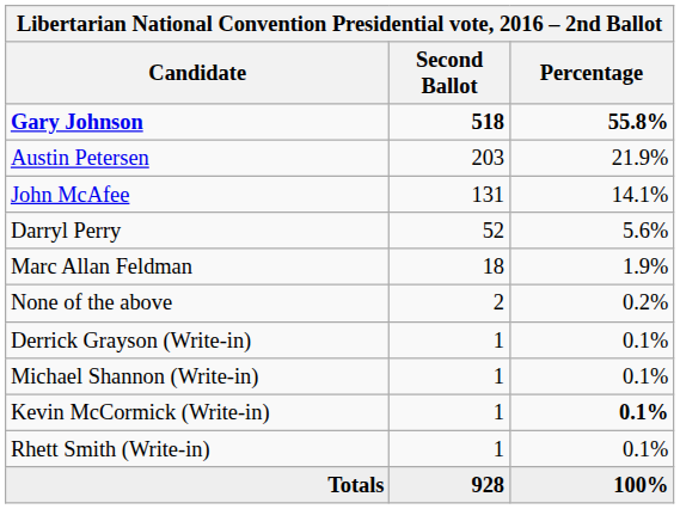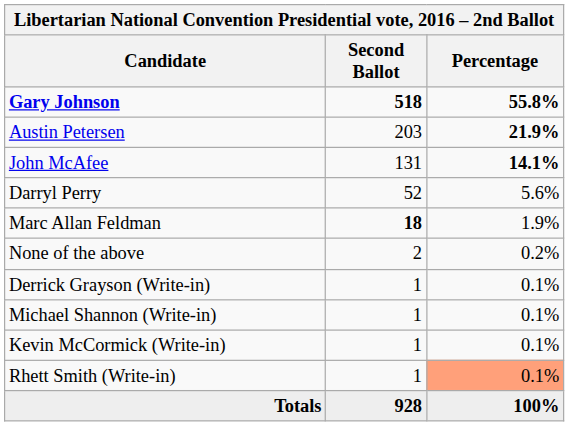 <table class="wikitable" style="font-size:95%;">
 <tr>
 <th colspan="3">Libertarian National Convention Presidential vote, 2016 – 2nd Ballot</th>
 </tr>
 <tr>
 <th style="width: 17em">Candidate</th>
 <th style="width: 5em">Second Ballot</th>
 <th style="width: 7em">Percentage</th>
 </tr>
 <tr>
 <td><strong><a href='#'>Gary Johnson</a></strong></td>
 <td style="text-align:right;"><strong>518</strong></td>
 <td style="text-align:right;"><strong>55.8%</strong></td>
 </tr>
 <tr>
 <td><a href='#'>Austin Petersen</a></td>
 <td style="text-align:right;">203</td>
-<td style="text-align:right;">21.9%</td>
+<td style="text-align:right;"><strong>21.9%</strong></td>
 </tr>
 <tr>
 <td><a href='#'>John McAfee</a></td>
 <td style="text-align:right;">131</td>
-<td style="text-align:right;">14.1%</td>
+<td style="text-align:right;"><strong>14.1%</strong></td>
 </tr>
 <tr>
 <td>Darryl Perry</td>
 <td style="text-align:right;">52</td>
 <td style="text-align:right;">5.6%</td>
 </tr>
 <tr>
 <td>Marc Allan Feldman</td>
-<td style="text-align:right;">18</td>
+<td style="text-align:right;"><strong>18</strong></td>
 <td style="text-align:right;">1.9%</td>
 </tr>
 <tr>
 <td>None of the above</td>
 <td style="text-align:right;">2</td>
 <td style="text-align:right;">0.2%</td>
 </tr>
 <tr>
 <td>Derrick Grayson (Write-in)</td>
 <td style="text-align:right;">1</td>
 <td style="text-align:right;">0.1%</td>
 </tr>
 <tr>
 <td>Michael Shannon (Write-in)</td>
 <td style="text-align:right;">1</td>
 <td style="text-align:right;">0.1%</td>
 </tr>
 <tr>
 <td>Kevin McCormick (Write-in)</td>
 <td style="text-align:right;">1</td>
-<td style="text-align:right;"><strong>0.1%</strong></td>
+<td style="text-align:right;">0.1%</td>
 </tr>
 <tr>
 <td>Rhett Smith (Write-in)</td>
 <td style="text-align:right;">1</td>
-<td style="text-align:right;">0.1%</td>
+<td style="background: lightsalmon; text-align:right;">0.1%</td>
 </tr>
 <tr style="background:#eee; text-align:right;">
 <td><strong>Totals</strong></td>
 <td><strong>928</strong></td>
 <td><strong>100%</strong></td>
 </tr>
 </table>
